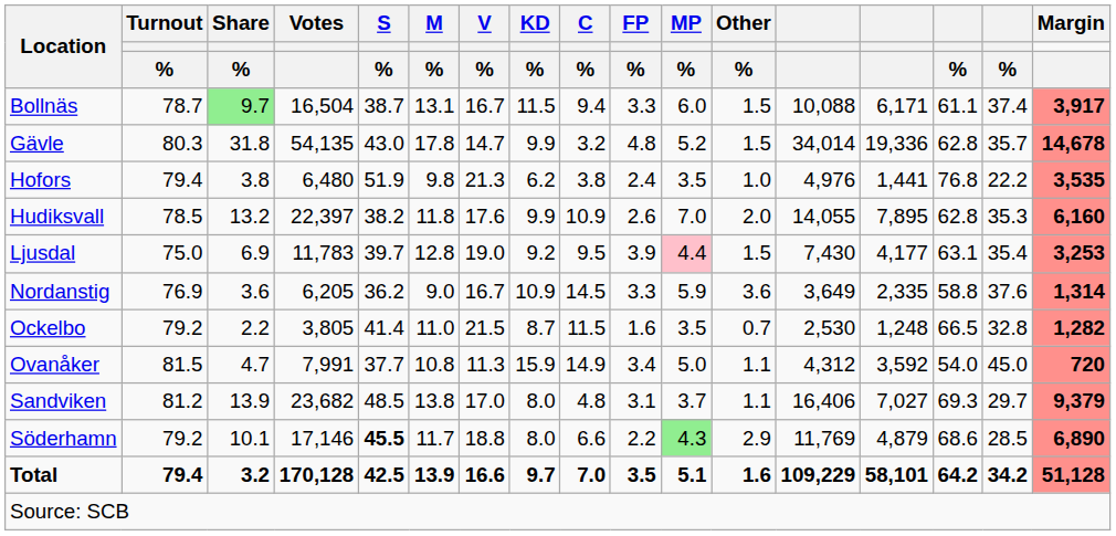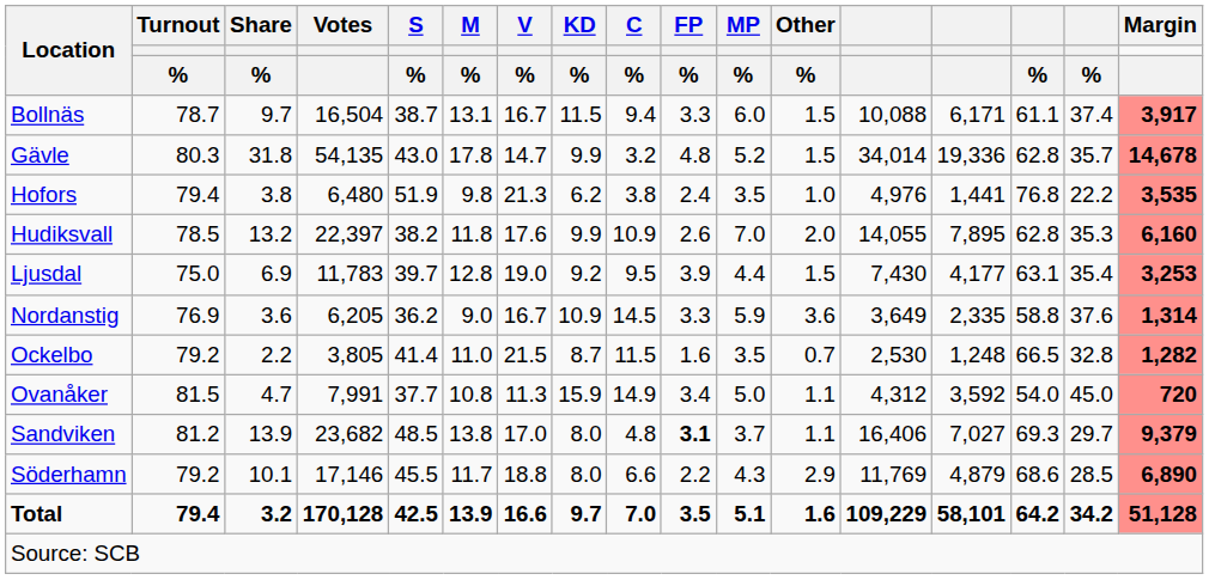 <table class="wikitable sortable" style="text-align:right; font-size:95%; line-height:20px;">
 <tr>
 <th rowspan="3">Location</th>
 <th>Turnout</th>
 <th>Share</th>
 <th>Votes</th>
 <th width="30px" class="unsortable"><a href='#'>S</a></th>
 <th width="30px" class="unsortable"><a href='#'>M</a></th>
 <th width="30px" class="unsortable"><a href='#'>V</a></th>
 <th width="30px" class="unsortable"><a href='#'>KD</a></th>
 <th width="30px" class="unsortable"><a href='#'>C</a></th>
 <th width="30px" class="unsortable"><a href='#'>FP</a></th>
 <th width="30px" class="unsortable"><a href='#'>MP</a></th>
 <th width="30px" class="unsortable">Other</th>
 <th></th>
 <th></th>
 <th></th>
 <th></th>
 <th>Margin</th>
 </tr>
 <tr>
 <th></th>
 <th></th>
 <th></th>
 <th style="background:"></th>
 <th style="background:"></th>
 <th style="background:"></th>
 <th style="background:"></th>
 <th style="background:"></th>
 <th style="background:"></th>
 <th style="background:"></th>
 <th style="background:"></th>
 <th style="background:"></th>
 <th style="background:"></th>
 <th style="background:"></th>
 <th style="background:"></th>
 </tr>
 <tr>
 <th data-sort-type="number">%</th>
 <th data-sort-type="number">%</th>
 <th></th>
 <th data-sort-type="number">%</th>
 <th data-sort-type="number">%</th>
 <th data-sort-type="number">%</th>
 <th data-sort-type="number">%</th>
 <th data-sort-type="number">%</th>
 <th data-sort-type="number">%</th>
 <th data-sort-type="number">%</th>
 <th data-sort-type="number">%</th>
 <th data-sort-type="number"></th>
 <th data-sort-type="number"></th>
 <th data-sort-type="number">%</th>
 <th data-sort-type="number">%</th>
 <th data-sort-type="number"></th>
 </tr>
 <tr>
 <td align=left><a href='#'>Bollnäs</a></td>
 <td>78.7</td>
-<td style="background: lightgreen;">9.7</td>
+<td>9.7</td>
 <td>16,504</td>
 <td>38.7</td>
 <td>13.1</td>
 <td>16.7</td>
 <td>11.5</td>
 <td>9.4</td>
 <td>3.3</td>
 <td>6.0</td>
 <td>1.5</td>
 <td>10,088</td>
 <td>6,171</td>
 <td>61.1</td>
 <td>37.4</td>
 <td bgcolor=#ff908c><strong>3,917</strong></td>
 </tr>
 <tr>
 <td align=left><a href='#'>Gävle</a></td>
 <td>80.3</td>
 <td>31.8</td>
 <td>54,135</td>
 <td>43.0</td>
 <td>17.8</td>
 <td>14.7</td>
 <td>9.9</td>
 <td>3.2</td>
 <td>4.8</td>
 <td>5.2</td>
 <td>1.5</td>
 <td>34,014</td>
 <td>19,336</td>
 <td>62.8</td>
 <td>35.7</td>
 <td bgcolor=#ff908c><strong>14,678</strong></td>
 </tr>
 <tr>
 <td align=left><a href='#'>Hofors</a></td>
 <td>79.4</td>
 <td>3.8</td>
 <td>6,480</td>
 <td>51.9</td>
 <td>9.8</td>
 <td>21.3</td>
 <td>6.2</td>
 <td>3.8</td>
 <td>2.4</td>
 <td>3.5</td>
 <td>1.0</td>
 <td>4,976</td>
 <td>1,441</td>
 <td>76.8</td>
 <td>22.2</td>
 <td bgcolor=#ff908c><strong>3,535</strong></td>
 </tr>
 <tr>
 <td align=left><a href='#'>Hudiksvall</a></td>
 <td>78.5</td>
 <td>13.2</td>
 <td>22,397</td>
 <td>38.2</td>
 <td>11.8</td>
 <td>17.6</td>
 <td>9.9</td>
 <td>10.9</td>
 <td>2.6</td>
 <td>7.0</td>
 <td>2.0</td>
 <td>14,055</td>
 <td>7,895</td>
 <td>62.8</td>
 <td>35.3</td>
 <td bgcolor=#ff908c><strong>6,160</strong></td>
 </tr>
 <tr>
 <td align=left><a href='#'>Ljusdal</a></td>
 <td>75.0</td>
 <td>6.9</td>
 <td>11,783</td>
 <td>39.7</td>
 <td>12.8</td>
 <td>19.0</td>
 <td>9.2</td>
 <td>9.5</td>
 <td>3.9</td>
-<td style="background: pink;">4.4</td>
+<td>4.4</td>
 <td>1.5</td>
 <td>7,430</td>
 <td>4,177</td>
 <td>63.1</td>
 <td>35.4</td>
 <td bgcolor=#ff908c><strong>3,253</strong></td>
 </tr>
 <tr>
 <td align=left><a href='#'>Nordanstig</a></td>
 <td>76.9</td>
 <td>3.6</td>
 <td>6,205</td>
 <td>36.2</td>
 <td>9.0</td>
 <td>16.7</td>
 <td>10.9</td>
 <td>14.5</td>
 <td>3.3</td>
 <td>5.9</td>
 <td>3.6</td>
 <td>3,649</td>
 <td>2,335</td>
 <td>58.8</td>
 <td>37.6</td>
 <td bgcolor=#ff908c><strong>1,314</strong></td>
 </tr>
 <tr>
 <td align=left><a href='#'>Ockelbo</a></td>
 <td>79.2</td>
 <td>2.2</td>
 <td>3,805</td>
 <td>41.4</td>
 <td>11.0</td>
 <td>21.5</td>
 <td>8.7</td>
 <td>11.5</td>
 <td>1.6</td>
 <td>3.5</td>
 <td>0.7</td>
 <td>2,530</td>
 <td>1,248</td>
 <td>66.5</td>
 <td>32.8</td>
 <td bgcolor=#ff908c><strong>1,282</strong></td>
 </tr>
 <tr>
 <td align=left><a href='#'>Ovanåker</a></td>
 <td>81.5</td>
 <td>4.7</td>
 <td>7,991</td>
 <td>37.7</td>
 <td>10.8</td>
 <td>11.3</td>
 <td>15.9</td>
 <td>14.9</td>
 <td>3.4</td>
 <td>5.0</td>
 <td>1.1</td>
 <td>4,312</td>
 <td>3,592</td>
 <td>54.0</td>
 <td>45.0</td>
 <td bgcolor=#ff908c><strong>720</strong></td>
 </tr>
 <tr>
 <td align=left><a href='#'>Sandviken</a></td>
 <td>81.2</td>
 <td>13.9</td>
 <td>23,682</td>
 <td>48.5</td>
 <td>13.8</td>
 <td>17.0</td>
 <td>8.0</td>
 <td>4.8</td>
-<td>3.1</td>
+<td><strong>3.1</strong></td>
 <td>3.7</td>
 <td>1.1</td>
 <td>16,406</td>
 <td>7,027</td>
 <td>69.3</td>
 <td>29.7</td>
 <td bgcolor=#ff908c><strong>9,379</strong></td>
 </tr>
 <tr>
 <td align=left><a href='#'>Söderhamn</a></td>
 <td>79.2</td>
 <td>10.1</td>
 <td>17,146</td>
-<td><strong>45.5</strong></td>
+<td>45.5</td>
 <td>11.7</td>
 <td>18.8</td>
 <td>8.0</td>
 <td>6.6</td>
 <td>2.2</td>
-<td style="background: lightgreen;">4.3</td>
+<td>4.3</td>
 <td>2.9</td>
 <td>11,769</td>
 <td>4,879</td>
 <td>68.6</td>
 <td>28.5</td>
 <td bgcolor=#ff908c><strong>6,890</strong></td>
 </tr>
 <tr>
 <td align=left><strong>Total</strong></td>
 <td><strong>79.4</strong></td>
 <td><strong>3.2</strong></td>
 <td><strong>170,128</strong></td>
 <td><strong>42.5</strong></td>
 <td><strong>13.9</strong></td>
 <td><strong>16.6</strong></td>
 <td><strong>9.7</strong></td>
 <td><strong>7.0</strong></td>
 <td><strong>3.5</strong></td>
 <td><strong>5.1</strong></td>
 <td><strong>1.6</strong></td>
 <td><strong>109,229</strong></td>
 <td><strong>58,101</strong></td>
 <td><strong>64.2</strong></td>
 <td><strong>34.2</strong></td>
 <td bgcolor=#ff908c><strong>51,128</strong></td>
 </tr>
 <tr>
 <td align=left colspan=17>Source: SCB </td>
 </tr>
 </table>
